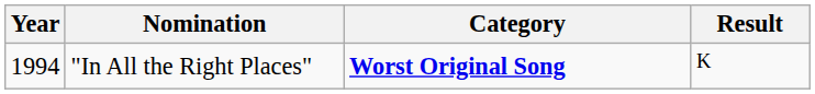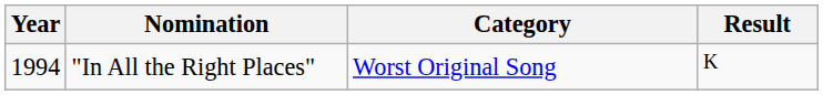 <table class="wikitable">
 <tr>
 <th width="30">Year</th>
 <th width="175">Nomination</th>
 <th width="220">Category</th>
 <th width="70">Result</th>
 </tr>
 <tr>
 <td>1994</td>
 <td>"In All the Right Places"</td>
-<td><strong><a href='#'>Worst Original Song</a></strong></td>
+<td><a href='#'>Worst Original Song</a></td>
 <td><sup>K</sup></td>
 </tr>
 </table>
